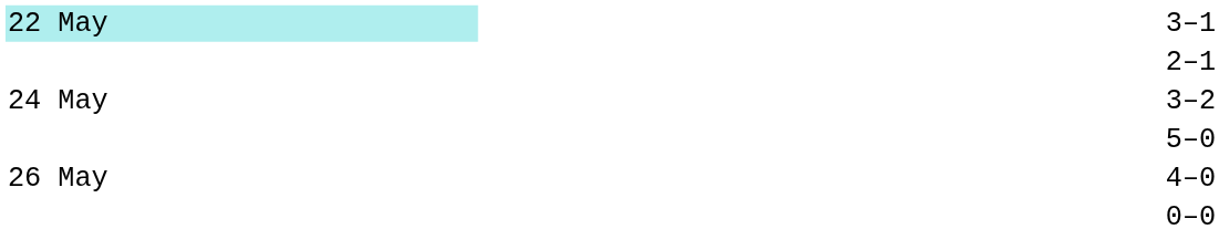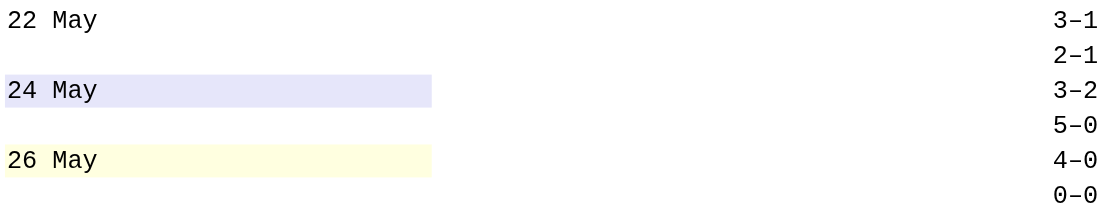 <table cellspacing=1 width=70%>
 <tr>
 <th width=25%></th>
 <th width=30%></th>
 <th width=15%></th>
 <th width=30%></th>
 </tr>
 <tr>
-<td style="background: paleturquoise;">22 May</td>
+<td>22 May</td>
 <td align=right></td>
 <td align=center>3–1</td>
 <td></td>
 </tr>
 <tr>
 <td></td>
 <td align=right></td>
 <td align=center>2–1</td>
 <td></td>
 </tr>
 <tr>
-<td>24 May</td>
+<td style="background: lavender;">24 May</td>
 <td align=right></td>
 <td align=center>3–2</td>
 <td></td>
 </tr>
 <tr>
 <td></td>
 <td align=right></td>
 <td align=center>5–0</td>
 <td></td>
 </tr>
 <tr>
-<td>26 May</td>
+<td style="background: lightyellow;">26 May</td>
 <td align=right></td>
 <td align=center>4–0</td>
 <td></td>
 </tr>
 <tr>
 <td></td>
 <td align=right></td>
 <td align=center>0–0</td>
 <td></td>
 </tr>
 </table>
